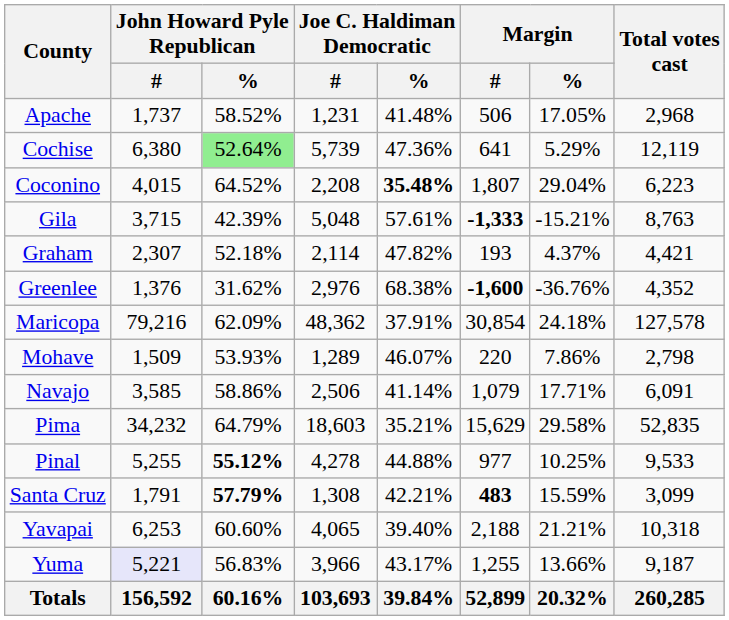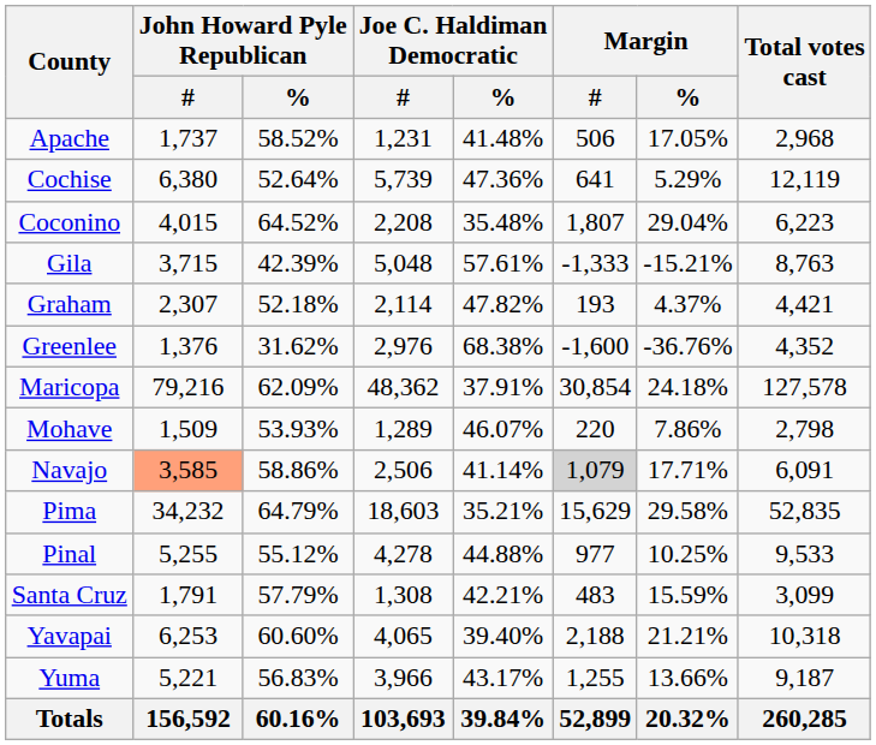 <table class="wikitable sortable" style="text-align:center">
 <tr>
 <th rowspan="2">County</th>
 <th style="text-align:center;" colspan="2">John Howard Pyle<br>Republican</th>
 <th style="text-align:center;" colspan="2">Joe C. Haldiman<br>Democratic</th>
 <th style="text-align:center;" colspan="2">Margin</th>
 <th style="text-align:center;" rowspan="2">Total votes<br>cast</th>
 </tr>
 <tr>
 <th style="text-align:center;" data-sort-type="number">#</th>
 <th style="text-align:center;" data-sort-type="number">%</th>
 <th style="text-align:center;" data-sort-type="number">#</th>
 <th style="text-align:center;" data-sort-type="number">%</th>
 <th style="text-align:center;" data-sort-type="number">#</th>
 <th style="text-align:center;" data-sort-type="number">%</th>
 </tr>
 <tr style="text-align:center;">
 <td><a href='#'>Apache</a></td>
 <td>1,737</td>
 <td>58.52%</td>
 <td>1,231</td>
 <td>41.48%</td>
 <td>506</td>
 <td>17.05%</td>
 <td>2,968</td>
 </tr>
 <tr style="text-align:center;">
 <td><a href='#'>Cochise</a></td>
 <td>6,380</td>
-<td style="background: lightgreen;">52.64%</td>
+<td>52.64%</td>
 <td>5,739</td>
 <td>47.36%</td>
 <td>641</td>
 <td>5.29%</td>
 <td>12,119</td>
 </tr>
 <tr style="text-align:center;">
 <td><a href='#'>Coconino</a></td>
 <td>4,015</td>
 <td>64.52%</td>
 <td>2,208</td>
-<td><strong>35.48%</strong></td>
+<td>35.48%</td>
 <td>1,807</td>
 <td>29.04%</td>
 <td>6,223</td>
 </tr>
 <tr style="text-align:center;">
 <td><a href='#'>Gila</a></td>
 <td>3,715</td>
 <td>42.39%</td>
 <td>5,048</td>
 <td>57.61%</td>
-<td><strong>-1,333</strong></td>
+<td>-1,333</td>
 <td>-15.21%</td>
 <td>8,763</td>
 </tr>
 <tr style="text-align:center;">
 <td><a href='#'>Graham</a></td>
 <td>2,307</td>
 <td>52.18%</td>
 <td>2,114</td>
 <td>47.82%</td>
 <td>193</td>
 <td>4.37%</td>
 <td>4,421</td>
 </tr>
 <tr style="text-align:center;">
 <td><a href='#'>Greenlee</a></td>
 <td>1,376</td>
 <td>31.62%</td>
 <td>2,976</td>
 <td>68.38%</td>
-<td><strong>-1,600</strong></td>
+<td>-1,600</td>
 <td>-36.76%</td>
 <td>4,352</td>
 </tr>
 <tr style="text-align:center;">
 <td><a href='#'>Maricopa</a></td>
 <td>79,216</td>
 <td>62.09%</td>
 <td>48,362</td>
 <td>37.91%</td>
 <td>30,854</td>
 <td>24.18%</td>
 <td>127,578</td>
 </tr>
 <tr style="text-align:center;">
 <td><a href='#'>Mohave</a></td>
 <td>1,509</td>
 <td>53.93%</td>
 <td>1,289</td>
 <td>46.07%</td>
 <td>220</td>
 <td>7.86%</td>
 <td>2,798</td>
 </tr>
 <tr style="text-align:center;">
 <td><a href='#'>Navajo</a></td>
-<td>3,585</td>
+<td style="background: lightsalmon;">3,585</td>
 <td>58.86%</td>
 <td>2,506</td>
 <td>41.14%</td>
-<td>1,079</td>
+<td style="background: lightgrey;">1,079</td>
 <td>17.71%</td>
 <td>6,091</td>
 </tr>
 <tr style="text-align:center;">
 <td><a href='#'>Pima</a></td>
 <td>34,232</td>
 <td>64.79%</td>
 <td>18,603</td>
 <td>35.21%</td>
 <td>15,629</td>
 <td>29.58%</td>
 <td>52,835</td>
 </tr>
 <tr style="text-align:center;">
 <td><a href='#'>Pinal</a></td>
 <td>5,255</td>
-<td><strong>55.12%</strong></td>
+<td>55.12%</td>
 <td>4,278</td>
 <td>44.88%</td>
 <td>977</td>
 <td>10.25%</td>
 <td>9,533</td>
 </tr>
 <tr style="text-align:center;">
 <td><a href='#'>Santa Cruz</a></td>
 <td>1,791</td>
-<td><strong>57.79%</strong></td>
+<td>57.79%</td>
 <td>1,308</td>
 <td>42.21%</td>
-<td><strong>483</strong></td>
+<td>483</td>
 <td>15.59%</td>
 <td>3,099</td>
 </tr>
 <tr style="text-align:center;">
 <td><a href='#'>Yavapai</a></td>
 <td>6,253</td>
 <td>60.60%</td>
 <td>4,065</td>
 <td>39.40%</td>
 <td>2,188</td>
 <td>21.21%</td>
 <td>10,318</td>
 </tr>
 <tr style="text-align:center;">
 <td><a href='#'>Yuma</a></td>
-<td style="background: lavender;">5,221</td>
+<td>5,221</td>
 <td>56.83%</td>
 <td>3,966</td>
 <td>43.17%</td>
 <td>1,255</td>
 <td>13.66%</td>
 <td>9,187</td>
 </tr>
 <tr style="text-align:center;">
 <th>Totals</th>
 <th>156,592</th>
 <th>60.16%</th>
 <th>103,693</th>
 <th>39.84%</th>
 <th>52,899</th>
 <th>20.32%</th>
 <th>260,285</th>
 </tr>
 </table>
